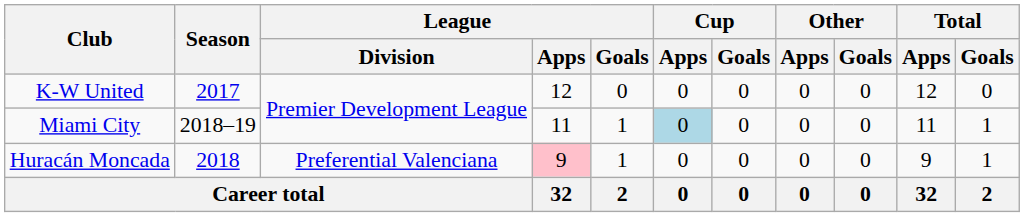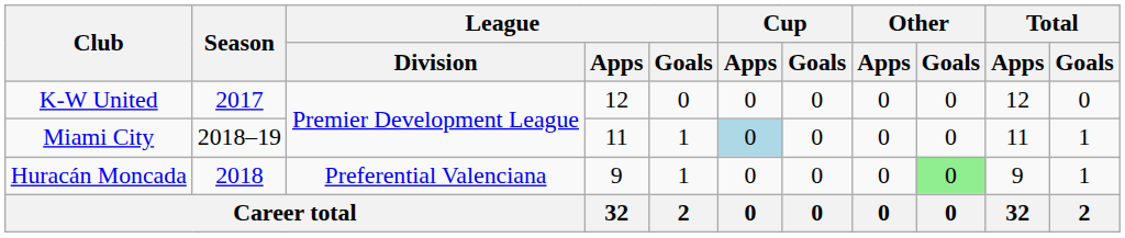 <table class="wikitable" style="text-align: center">
 <tr>
 <th rowspan="2">Club</th>
 <th rowspan="2">Season</th>
 <th colspan="3">League</th>
 <th colspan="2">Cup</th>
 <th colspan="2">Other</th>
 <th colspan="2">Total</th>
 </tr>
 <tr>
 <th>Division</th>
 <th>Apps</th>
 <th>Goals</th>
 <th>Apps</th>
 <th>Goals</th>
 <th>Apps</th>
 <th>Goals</th>
 <th>Apps</th>
 <th>Goals</th>
 </tr>
 <tr>
 <td><a href='#'>K-W United</a></td>
 <td><a href='#'>2017</a></td>
 <td rowspan="2"><a href='#'>Premier Development League</a></td>
 <td>12</td>
 <td>0</td>
 <td>0</td>
 <td>0</td>
 <td>0</td>
 <td>0</td>
 <td>12</td>
 <td>0</td>
 </tr>
 <tr>
 <td><a href='#'>Miami City</a></td>
 <td>2018–19</td>
 <td>11</td>
 <td>1</td>
 <td style="background: lightblue;">0</td>
 <td>0</td>
 <td>0</td>
 <td>0</td>
 <td>11</td>
 <td>1</td>
 </tr>
 <tr>
 <td><a href='#'>Huracán Moncada</a></td>
 <td><a href='#'>2018</a></td>
 <td><a href='#'>Preferential Valenciana</a></td>
-<td style="background: pink;">9</td>
+<td>9</td>
 <td>1</td>
 <td>0</td>
 <td>0</td>
 <td>0</td>
-<td>0</td>
+<td style="background: lightgreen;">0</td>
 <td>9</td>
 <td>1</td>
 </tr>
 <tr>
 <th colspan=3>Career total</th>
 <th>32</th>
 <th>2</th>
 <th>0</th>
 <th>0</th>
 <th>0</th>
 <th>0</th>
 <th>32</th>
 <th>2</th>
 </tr>
 </table>
